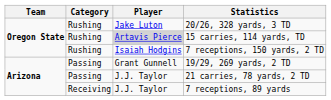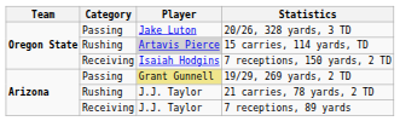 <table class="wikitable" style="float: right;">
 <tr>
 <th>Team</th>
 <th>Category</th>
 <th>Player</th>
 <th>Statistics</th>
 </tr>
 <tr>
 <td rowspan=3><strong>Oregon State</strong></td>
-<td>Rushing</td>
+<td>Passing</td>
 <td><a href='#'>Jake Luton</a></td>
 <td>20/26, 328 yards, 3 TD</td>
 </tr>
 <tr>
 <td>Rushing</td>
 <td style="background: lightgrey;"><a href='#'>Artavis Pierce</a></td>
 <td>15 carries, 114 yards, TD</td>
 </tr>
 <tr>
-<td>Rushing</td>
+<td>Receiving</td>
 <td><a href='#'>Isaiah Hodgins</a></td>
 <td>7 receptions, 150 yards, 2 TD</td>
 </tr>
 <tr>
 <td rowspan=3><strong>Arizona</strong></td>
 <td>Passing</td>
-<td>Grant Gunnell</td>
+<td style="background: khaki;">Grant Gunnell</td>
 <td>19/29, 269 yards, 2 TD</td>
 </tr>
 <tr>
-<td>Passing</td>
+<td>Rushing</td>
 <td>J.J. Taylor</td>
 <td>21 carries, 78 yards, 2 TD</td>
 </tr>
 <tr>
 <td>Receiving</td>
 <td>J.J. Taylor</td>
 <td>7 receptions, 89 yards</td>
 </tr>
 </table>
